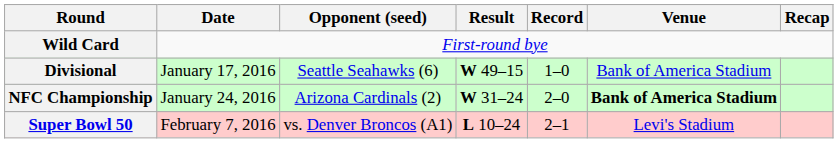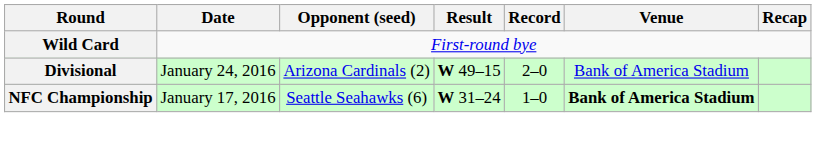 <table class="wikitable" style="text-align:center">
 <tr>
 <th>Round</th>
 <th>Date</th>
 <th>Opponent (seed)</th>
 <th>Result</th>
 <th>Record</th>
 <th>Venue</th>
 <th>Recap</th>
 </tr>
 <tr>
 <th>Wild Card</th>
 <td colspan="6"><em><a href='#'>First-round bye</a></em></td>
 </tr>
 <tr style="background:#cfc">
 <th>Divisional</th>
-<td>January 17, 2016</td>
-<td><a href='#'>Seattle Seahawks</a> (6)</td>
+<td>January 24, 2016</td>
+<td><a href='#'>Arizona Cardinals</a> (2)</td>
 <td><strong>W</strong> 49–15</td>
-<td>1–0</td>
+<td>2–0</td>
 <td><a href='#'>Bank of America Stadium</a></td>
 <td></td>
 </tr>
 <tr style="background:#cfc">
 <th>NFC Championship</th>
-<td>January 24, 2016</td>
-<td><a href='#'>Arizona Cardinals</a> (2)</td>
+<td>January 17, 2016</td>
+<td><a href='#'>Seattle Seahawks</a> (6)</td>
 <td><strong>W</strong> 31–24</td>
-<td>2–0</td>
+<td>1–0</td>
 <td><strong>Bank of America Stadium</strong></td>
 <td></td>
 </tr>
-<tr style="background:#fcc">
-<th><a href='#'>Super Bowl 50</a></th>
-<td>February 7, 2016</td>
-<td>vs. <a href='#'>Denver Broncos</a> (A1)</td>
-<td><strong>L</strong> 10–24</td>
-<td>2–1</td>
-<td><a href='#'>Levi's Stadium</a></td>
-<td></td>
-</tr>
 </table>
